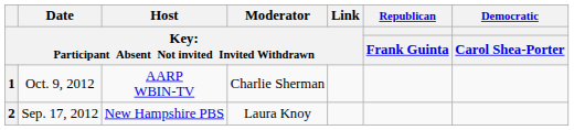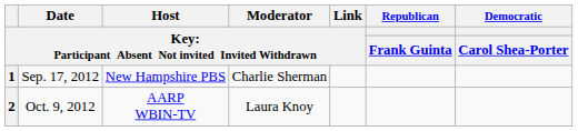 <table class="wikitable" style="text-align:center;">
 <tr>
 <th scope="col"></th>
 <th scope="col">Date</th>
 <th scope="col">Host</th>
 <th scope="col">Moderator</th>
 <th scope="col">Link</th>
 <th scope="col"><small><a href='#'>Republican</a></small></th>
 <th scope="col"><small><a href='#'>Democratic</a></small></th>
 </tr>
 <tr>
 <th colspan="5" rowspan="2">Key:<br> <small>Participant </small>  <small>Absent </small>  <small>Not invited </small>  <small>Invited  Withdrawn</small></th>
 <th scope="col" style="background:"></th>
 <th scope="col" style="background:"></th>
 </tr>
 <tr>
 <th scope="col"><a href='#'>Frank Guinta</a></th>
 <th scope="col"><a href='#'>Carol Shea-Porter</a></th>
 </tr>
 <tr>
 <th>1</th>
-<td style="white-space:nowrap;">Oct. 9, 2012</td>
-<td style="white-space:nowrap;"><a href='#'>AARP</a><br><a href='#'>WBIN-TV</a></td>
+<td style="white-space:nowrap;">Sep. 17, 2012</td>
+<td style="white-space:nowrap;"><a href='#'>New Hampshire PBS</a></td>
 <td style="white-space:nowrap;">Charlie Sherman</td>
 <td style="white-space:nowrap;"></td>
 <td></td>
 <td></td>
 </tr>
 <tr>
 <th>2</th>
-<td style="white-space:nowrap;">Sep. 17, 2012</td>
-<td style="white-space:nowrap;"><a href='#'>New Hampshire PBS</a></td>
+<td style="white-space:nowrap;">Oct. 9, 2012</td>
+<td style="white-space:nowrap;"><a href='#'>AARP</a><br><a href='#'>WBIN-TV</a></td>
 <td style="white-space:nowrap;">Laura Knoy</td>
 <td style="white-space:nowrap;"></td>
 <td></td>
 <td></td>
 </tr>
 </table>
